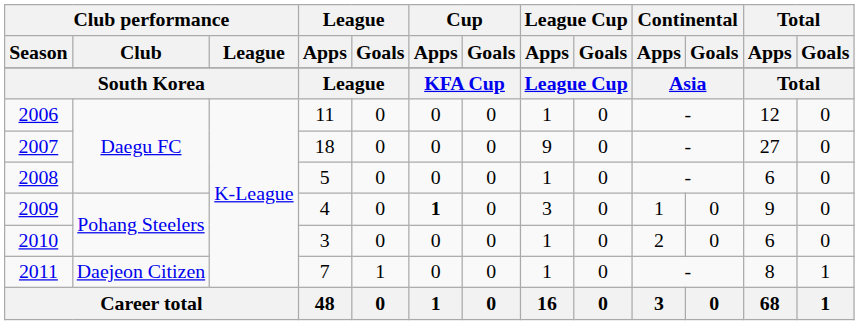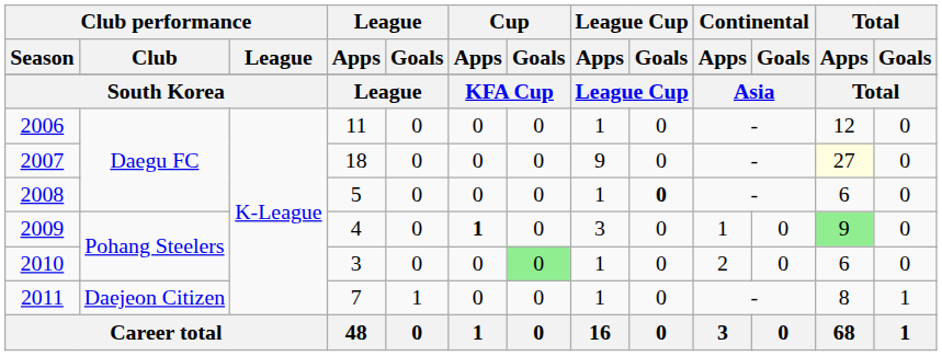 <table class="wikitable" style="text-align:center">
 <tr>
 <th colspan=3>Club performance</th>
 <th colspan=2>League</th>
 <th colspan=2>Cup</th>
 <th colspan=2>League Cup</th>
 <th colspan=2>Continental</th>
 <th colspan=2>Total</th>
 </tr>
 <tr>
 <th>Season</th>
 <th>Club</th>
 <th>League</th>
 <th>Apps</th>
 <th>Goals</th>
 <th>Apps</th>
 <th>Goals</th>
 <th>Apps</th>
 <th>Goals</th>
 <th>Apps</th>
 <th>Goals</th>
 <th>Apps</th>
 <th>Goals</th>
 </tr>
 <tr>
 </tr>
 <tr>
 <th colspan=3>South Korea</th>
 <th colspan=2>League</th>
 <th colspan=2><a href='#'>KFA Cup</a></th>
 <th colspan=2><a href='#'>League Cup</a></th>
 <th colspan=2><a href='#'>Asia</a></th>
 <th colspan=2>Total</th>
 </tr>
 <tr>
 <td><a href='#'>2006</a></td>
 <td rowspan="3"><a href='#'>Daegu FC</a></td>
 <td rowspan="6"><a href='#'>K-League</a></td>
 <td>11</td>
 <td>0</td>
 <td>0</td>
 <td>0</td>
 <td>1</td>
 <td>0</td>
 <td colspan="2">-</td>
 <td>12</td>
 <td>0</td>
 </tr>
 <tr>
 <td><a href='#'>2007</a></td>
 <td>18</td>
 <td>0</td>
 <td>0</td>
 <td>0</td>
 <td>9</td>
 <td>0</td>
 <td colspan="2">-</td>
-<td>27</td>
+<td style="background: lightyellow;">27</td>
 <td>0</td>
 </tr>
 <tr>
 <td><a href='#'>2008</a></td>
 <td>5</td>
 <td>0</td>
 <td>0</td>
 <td>0</td>
 <td>1</td>
-<td>0</td>
+<td><strong>0</strong></td>
 <td colspan="2">-</td>
 <td>6</td>
 <td>0</td>
 </tr>
 <tr>
 <td><a href='#'>2009</a></td>
 <td rowspan="2"><a href='#'>Pohang Steelers</a></td>
 <td>4</td>
 <td>0</td>
 <td><strong>1</strong></td>
 <td>0</td>
 <td>3</td>
 <td>0</td>
 <td>1</td>
 <td>0</td>
-<td>9</td>
+<td style="background: lightgreen;">9</td>
 <td>0</td>
 </tr>
 <tr>
 <td><a href='#'>2010</a></td>
 <td>3</td>
 <td>0</td>
 <td>0</td>
-<td>0</td>
+<td style="background: lightgreen;">0</td>
 <td>1</td>
 <td>0</td>
 <td>2</td>
 <td>0</td>
 <td>6</td>
 <td>0</td>
 </tr>
 <tr>
 <td><a href='#'>2011</a></td>
 <td><a href='#'>Daejeon Citizen</a></td>
 <td>7</td>
 <td>1</td>
 <td>0</td>
 <td>0</td>
 <td>1</td>
 <td>0</td>
 <td colspan="2">-</td>
 <td>8</td>
 <td>1</td>
 </tr>
 <tr>
 <th colspan=3>Career total</th>
 <th>48</th>
 <th>0</th>
 <th>1</th>
 <th>0</th>
 <th>16</th>
 <th>0</th>
 <th>3</th>
 <th>0</th>
 <th>68</th>
 <th>1</th>
 </tr>
 </table>
